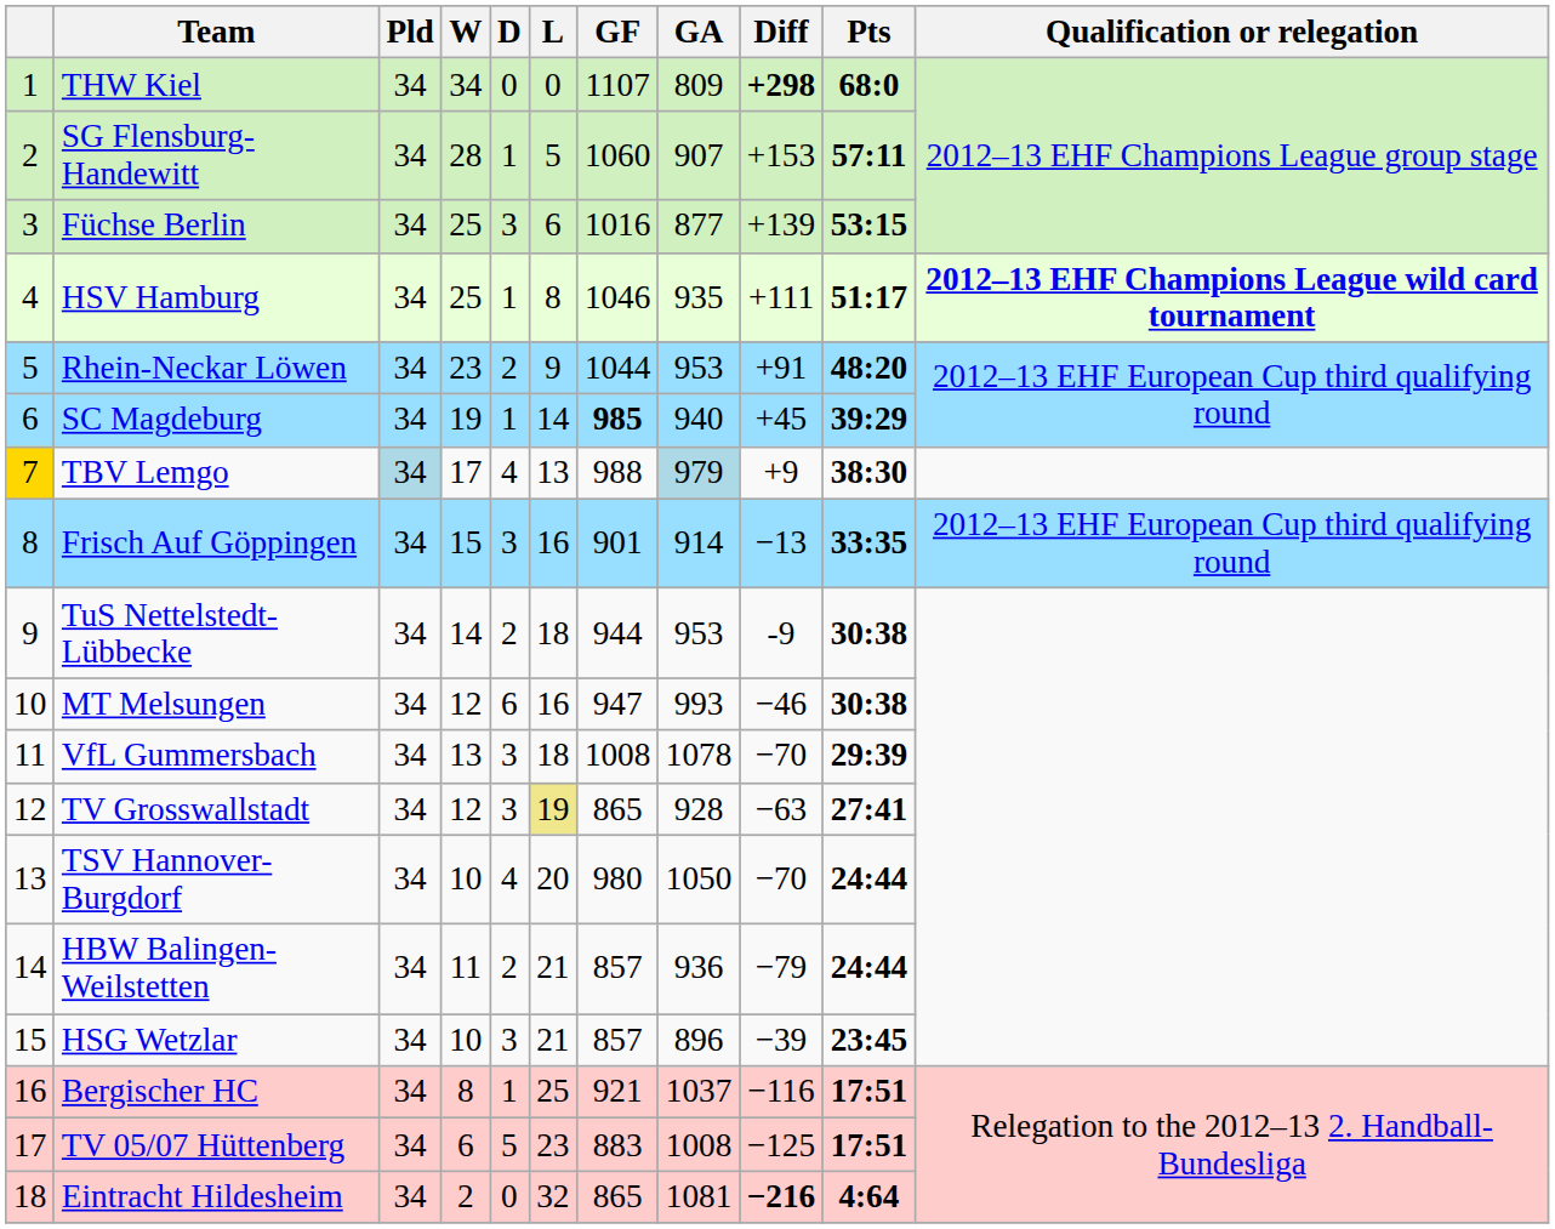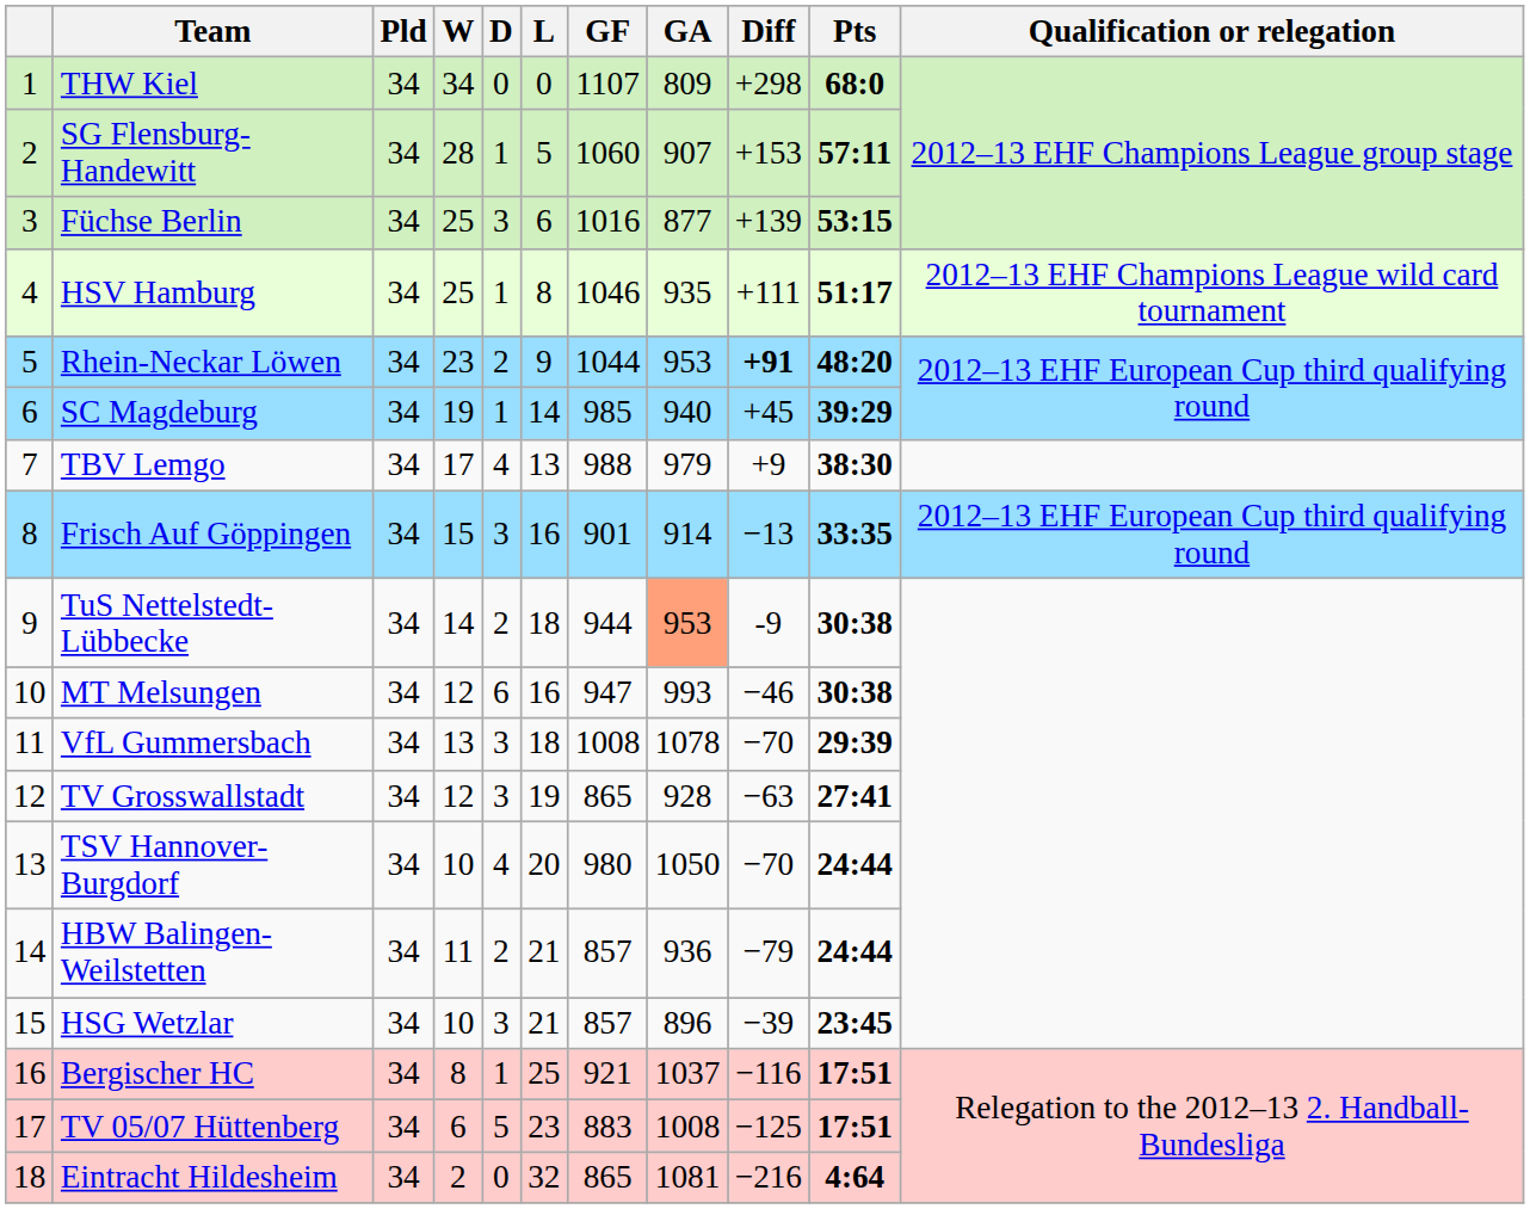 <table class="wikitable sortable" style="text-align:center">
 <tr>
 <th></th>
 <th width="150">Team</th>
 <th>Pld</th>
 <th>W</th>
 <th>D</th>
 <th>L</th>
 <th>GF</th>
 <th>GA</th>
 <th>Diff</th>
 <th>Pts</th>
 <th width="300">Qualification or relegation</th>
 </tr>
 <tr style="background: #D0F0C0;">
 <td>1</td>
 <td align="left"><a href='#'>THW Kiel</a></td>
 <td>34</td>
 <td>34</td>
 <td>0</td>
 <td>0</td>
 <td>1107</td>
 <td>809</td>
-<td><strong>+298</strong></td>
+<td>+298</td>
 <td><strong>68:0</strong></td>
 <td rowspan="3"><a href='#'>2012–13 EHF Champions League group stage</a></td>
 </tr>
 <tr style="background: #D0F0C0;">
 <td>2</td>
 <td align="left"><a href='#'>SG Flensburg-Handewitt</a></td>
 <td>34</td>
 <td>28</td>
 <td>1</td>
 <td>5</td>
 <td>1060</td>
 <td>907</td>
 <td>+153</td>
 <td><strong>57:11</strong></td>
 </tr>
 <tr style="background: #D0F0C0;">
 <td>3</td>
 <td align="left"><a href='#'>Füchse Berlin</a></td>
 <td>34</td>
 <td>25</td>
 <td>3</td>
 <td>6</td>
 <td>1016</td>
 <td>877</td>
 <td>+139</td>
 <td><strong>53:15</strong></td>
 </tr>
 <tr style="background: #E8FFD8;">
 <td>4</td>
 <td align="left"><a href='#'>HSV Hamburg</a></td>
 <td>34</td>
 <td>25</td>
 <td>1</td>
 <td>8</td>
 <td>1046</td>
 <td>935</td>
 <td>+111</td>
 <td><strong>51:17</strong></td>
-<td><strong><a href='#'>2012–13 EHF Champions League wild card tournament</a></strong></td>
+<td><a href='#'>2012–13 EHF Champions League wild card tournament</a></td>
 </tr>
 <tr style="background: #97DEFF;">
 <td>5</td>
 <td align="left"><a href='#'>Rhein-Neckar Löwen</a></td>
 <td>34</td>
 <td>23</td>
 <td>2</td>
 <td>9</td>
 <td>1044</td>
 <td>953</td>
-<td>+91</td>
+<td><strong>+91</strong></td>
 <td><strong>48:20</strong></td>
 <td rowspan="2"><a href='#'>2012–13 EHF European Cup third qualifying round</a></td>
 </tr>
 <tr style="background: #97DEFF;">
 <td>6</td>
 <td align="left"><a href='#'>SC Magdeburg</a></td>
 <td>34</td>
 <td>19</td>
 <td>1</td>
 <td>14</td>
-<td><strong>985</strong></td>
+<td>985</td>
 <td>940</td>
 <td>+45</td>
 <td><strong>39:29</strong></td>
 </tr>
 <tr>
-<td style="background: gold;">7</td>
+<td>7</td>
 <td align="left"><a href='#'>TBV Lemgo</a></td>
-<td style="background: lightblue;">34</td>
+<td>34</td>
 <td>17</td>
 <td>4</td>
 <td>13</td>
 <td>988</td>
-<td style="background: lightblue;">979</td>
+<td>979</td>
 <td>+9</td>
 <td><strong>38:30</strong></td>
 </tr>
 <tr style="background: #97DEFF;">
 <td>8</td>
 <td align="left"><a href='#'>Frisch Auf Göppingen</a></td>
 <td>34</td>
 <td>15</td>
 <td>3</td>
 <td>16</td>
 <td>901</td>
 <td>914</td>
 <td>−13</td>
 <td><strong>33:35</strong></td>
 <td><a href='#'>2012–13 EHF European Cup third qualifying round</a></td>
 </tr>
 <tr>
 <td>9</td>
 <td align="left"><a href='#'>TuS Nettelstedt-Lübbecke</a></td>
 <td>34</td>
 <td>14</td>
 <td>2</td>
 <td>18</td>
 <td>944</td>
-<td>953</td>
+<td style="background: lightsalmon;">953</td>
 <td>-9</td>
 <td><strong>30:38</strong></td>
 <td rowspan=7 colspan=1></td>
 </tr>
 <tr>
 <td>10</td>
 <td align="left"><a href='#'>MT Melsungen</a></td>
 <td>34</td>
 <td>12</td>
 <td>6</td>
 <td>16</td>
 <td>947</td>
 <td>993</td>
 <td>−46</td>
 <td><strong>30:38</strong></td>
 </tr>
 <tr>
 <td>11</td>
 <td align="left"><a href='#'>VfL Gummersbach</a></td>
 <td>34</td>
 <td>13</td>
 <td>3</td>
 <td>18</td>
 <td>1008</td>
 <td>1078</td>
 <td>−70</td>
 <td><strong>29:39</strong></td>
 </tr>
 <tr>
 <td>12</td>
 <td align="left"><a href='#'>TV Grosswallstadt</a></td>
 <td>34</td>
 <td>12</td>
 <td>3</td>
-<td style="background: khaki;">19</td>
+<td>19</td>
 <td>865</td>
 <td>928</td>
 <td>−63</td>
 <td><strong>27:41</strong></td>
 </tr>
 <tr>
 <td>13</td>
 <td align="left"><a href='#'>TSV Hannover-Burgdorf</a></td>
 <td>34</td>
 <td>10</td>
 <td>4</td>
 <td>20</td>
 <td>980</td>
 <td>1050</td>
 <td>−70</td>
 <td><strong>24:44</strong></td>
 </tr>
 <tr>
 <td>14</td>
 <td align="left"><a href='#'>HBW Balingen-Weilstetten</a></td>
 <td>34</td>
 <td>11</td>
 <td>2</td>
 <td>21</td>
 <td>857</td>
 <td>936</td>
 <td>−79</td>
 <td><strong>24:44</strong></td>
 </tr>
 <tr>
 <td>15</td>
 <td align="left"><a href='#'>HSG Wetzlar</a></td>
 <td>34</td>
 <td>10</td>
 <td>3</td>
 <td>21</td>
 <td>857</td>
 <td>896</td>
 <td>−39</td>
 <td><strong>23:45</strong></td>
 </tr>
 <tr style="background: #FFCCCC;">
 <td>16</td>
 <td align="left"><a href='#'>Bergischer HC</a></td>
 <td>34</td>
 <td>8</td>
 <td>1</td>
 <td>25</td>
 <td>921</td>
 <td>1037</td>
 <td>−116</td>
 <td><strong>17:51</strong></td>
 <td rowspan="3">Relegation to the 2012–13 <a href='#'>2. Handball-Bundesliga</a></td>
 </tr>
 <tr style="background: #FFCCCC;">
 <td>17</td>
 <td align="left"><a href='#'>TV 05/07 Hüttenberg</a></td>
 <td>34</td>
 <td>6</td>
 <td>5</td>
 <td>23</td>
 <td>883</td>
 <td>1008</td>
 <td>−125</td>
 <td><strong>17:51</strong></td>
 </tr>
 <tr style="background: #FFCCCC;">
 <td>18</td>
 <td align="left"><a href='#'>Eintracht Hildesheim</a></td>
 <td>34</td>
 <td>2</td>
 <td>0</td>
 <td>32</td>
 <td>865</td>
 <td>1081</td>
-<td><strong>−216</strong></td>
+<td>−216</td>
 <td><strong>4:64</strong></td>
 </tr>
 </table>
